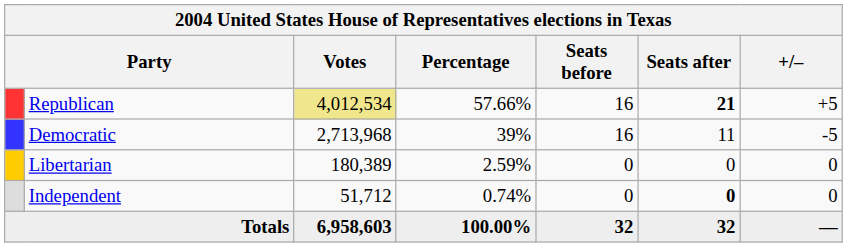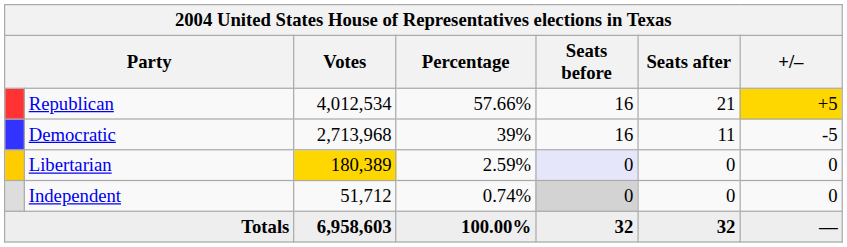 <table class="wikitable" style="font-size: 95%;">
 <tr>
 <th colspan="7">2004 United States House of Representatives elections in Texas</th>
 </tr>
 <tr>
 <th colspan=2 style="width: 15em">Party</th>
 <th style="width: 5em">Votes</th>
 <th style="width: 7em">Percentage</th>
 <th style="width: 5em">Seats before</th>
 <th style="width: 5em">Seats after</th>
 <th style="width: 5em">+/–</th>
 </tr>
 <tr>
 <th style="background-color:#FF3333; width: 3px"></th>
 <td style="width: 130px"><a href='#'>Republican</a></td>
-<td align="right" style="background: khaki;">4,012,534</td>
+<td align="right">4,012,534</td>
 <td align="right">57.66%</td>
 <td align="right">16</td>
-<td align="right"><strong>21</strong></td>
-<td align="right">+5</td>
+<td align="right">21</td>
+<td align="right" style="background: gold;">+5</td>
 </tr>
 <tr>
 <th style="background-color:#3333FF; width: 3px"></th>
 <td style="width: 130px"><a href='#'>Democratic</a></td>
 <td align="right">2,713,968</td>
 <td align="right">39%</td>
 <td align="right">16</td>
 <td align="right">11</td>
 <td align="right">-5</td>
 </tr>
 <tr>
 <th style="background-color:#FFCC00; width: 3px"></th>
 <td style="width: 130px"><a href='#'>Libertarian</a></td>
-<td align="right">180,389</td>
+<td align="right" style="background: gold;">180,389</td>
 <td align="right">2.59%</td>
-<td align="right">0</td>
+<td align="right" style="background: lavender;">0</td>
 <td align="right">0</td>
 <td align="right">0</td>
 </tr>
 <tr>
 <th style="background-color:#DDDDDD; width: 3px"></th>
 <td style="width: 130px"><a href='#'>Independent</a></td>
 <td align="right">51,712</td>
 <td align="right">0.74%</td>
+<td align="right" style="background: lightgrey;">0</td>
 <td align="right">0</td>
-<td align="right"><strong>0</strong></td>
 <td align="right">0</td>
 </tr>
 <tr bgcolor="#EEEEEE">
 <td colspan="2" align="right"><strong>Totals</strong></td>
 <td align="right"><strong>6,958,603</strong></td>
 <td align="right"><strong>100.00%</strong></td>
 <td align="right"><strong>32</strong></td>
 <td align="right"><strong>32</strong></td>
 <td align="right"><strong>—</strong></td>
 </tr>
 </table>
